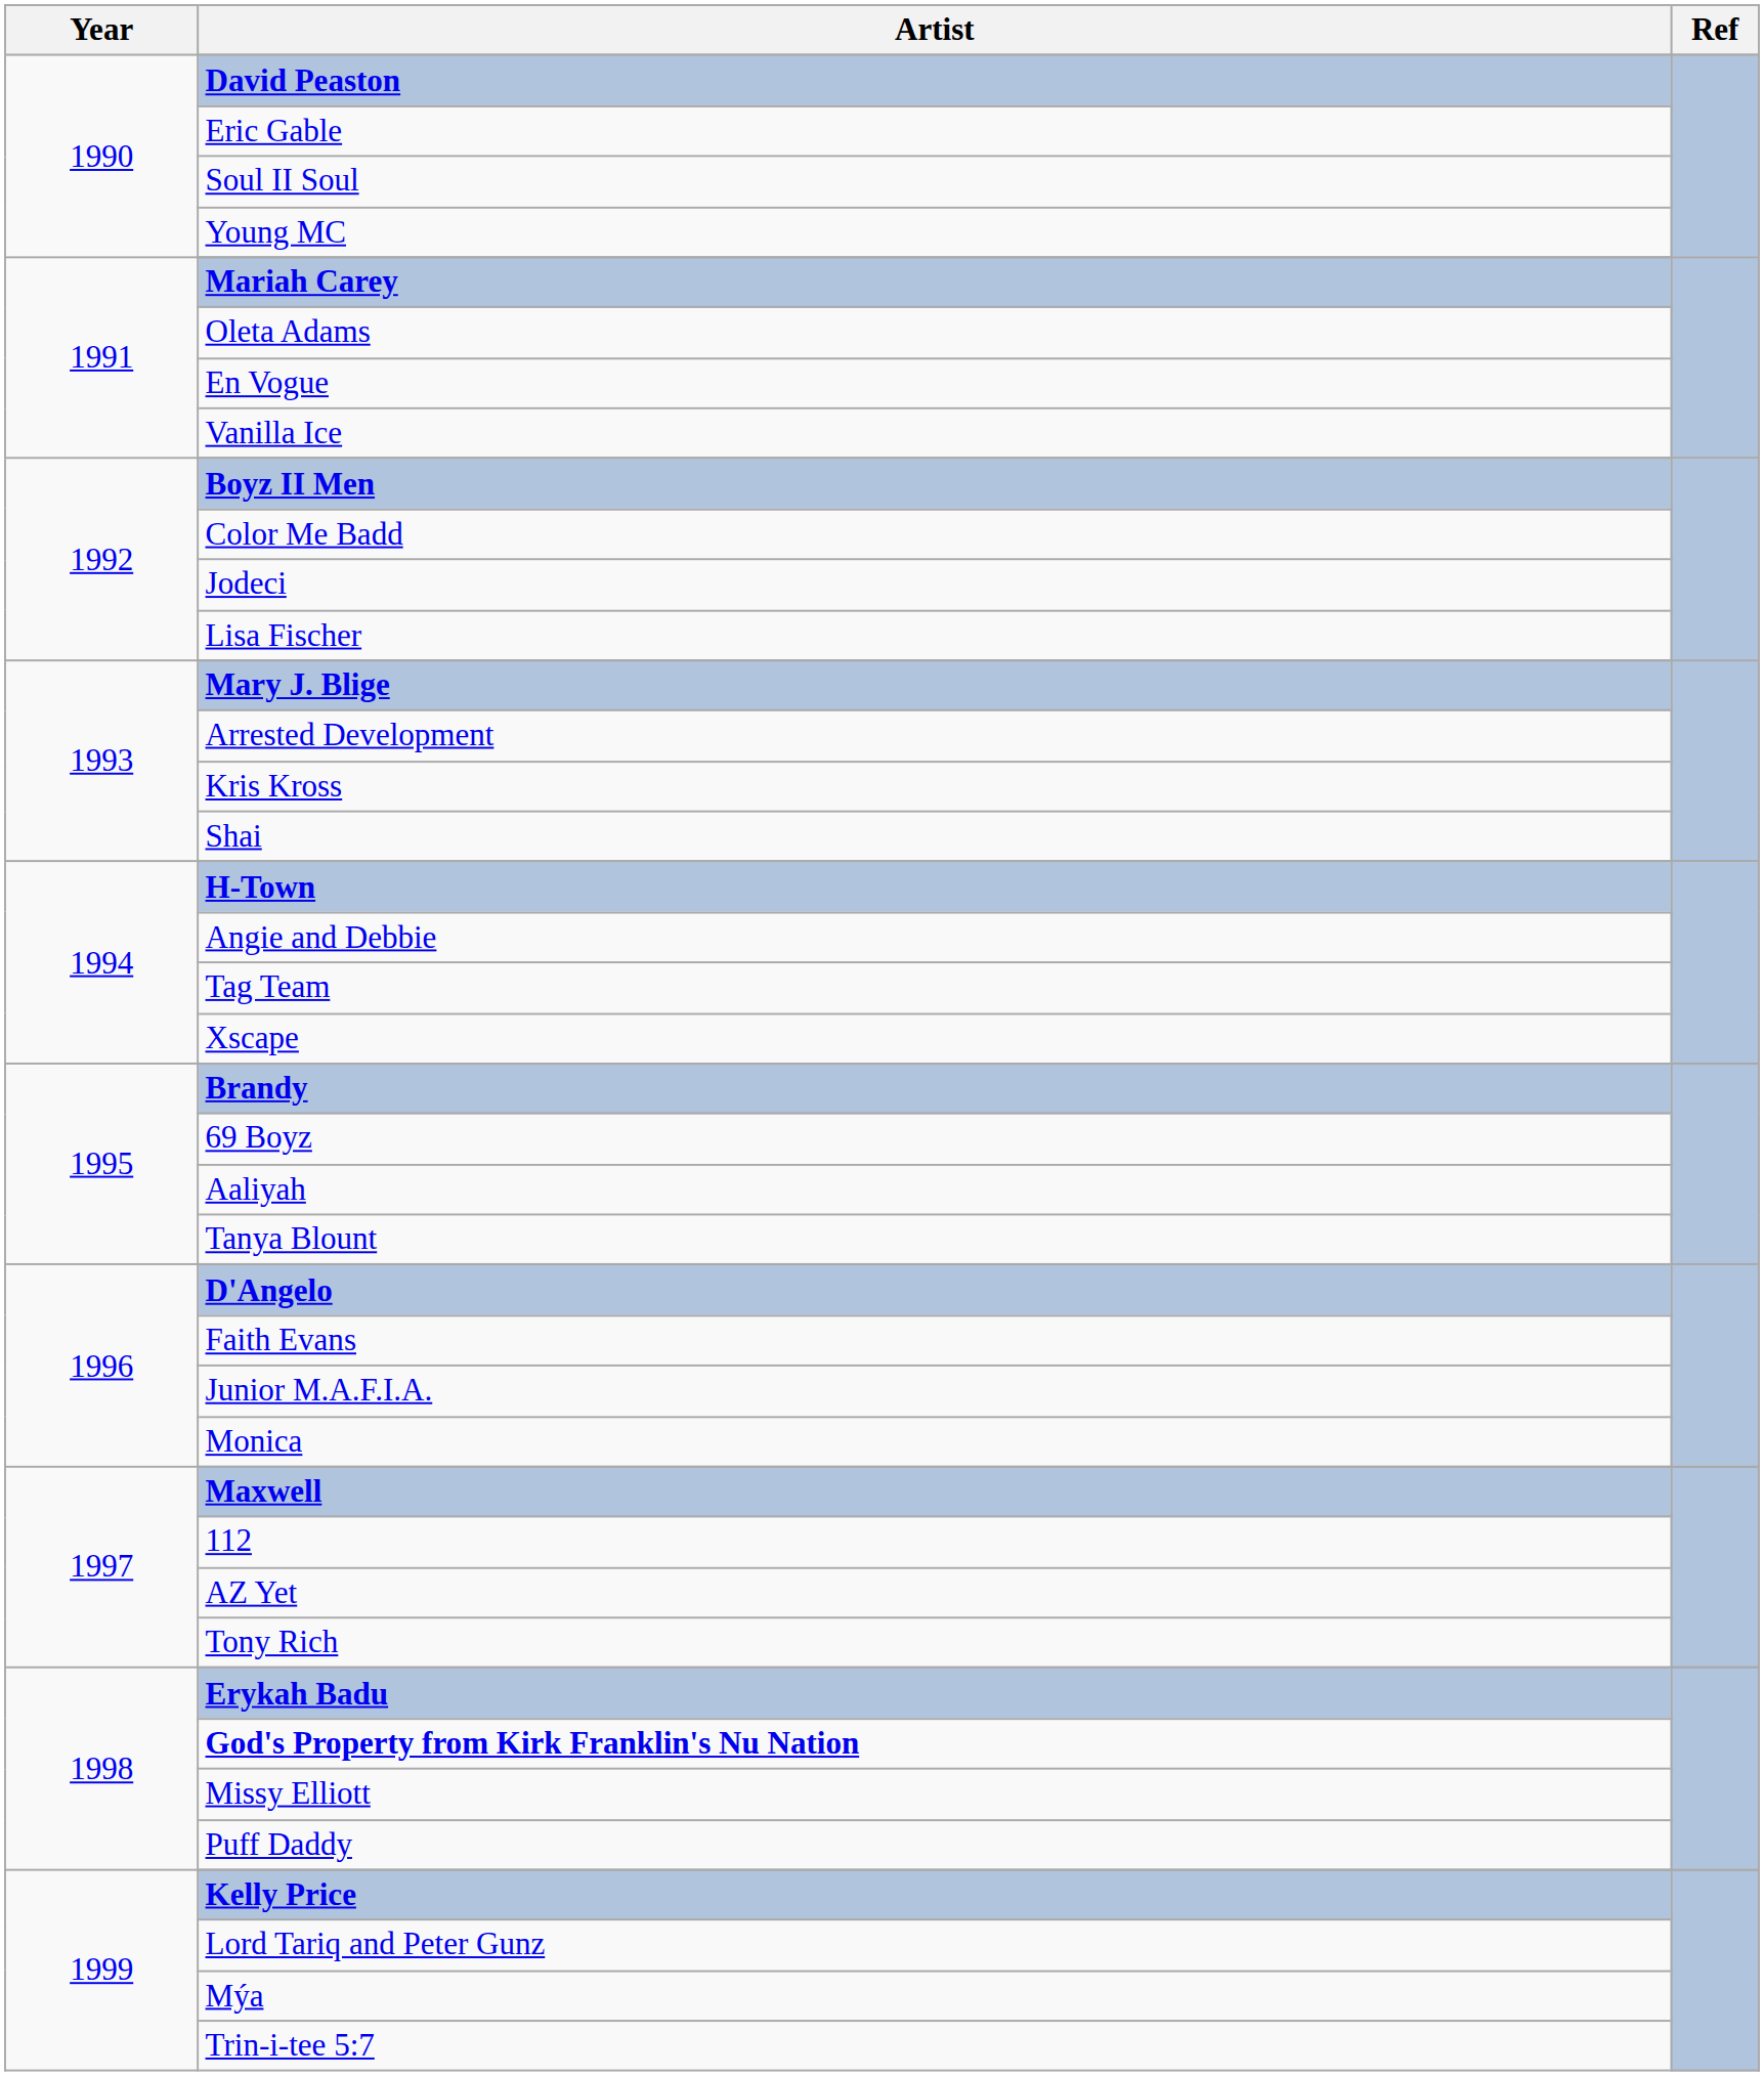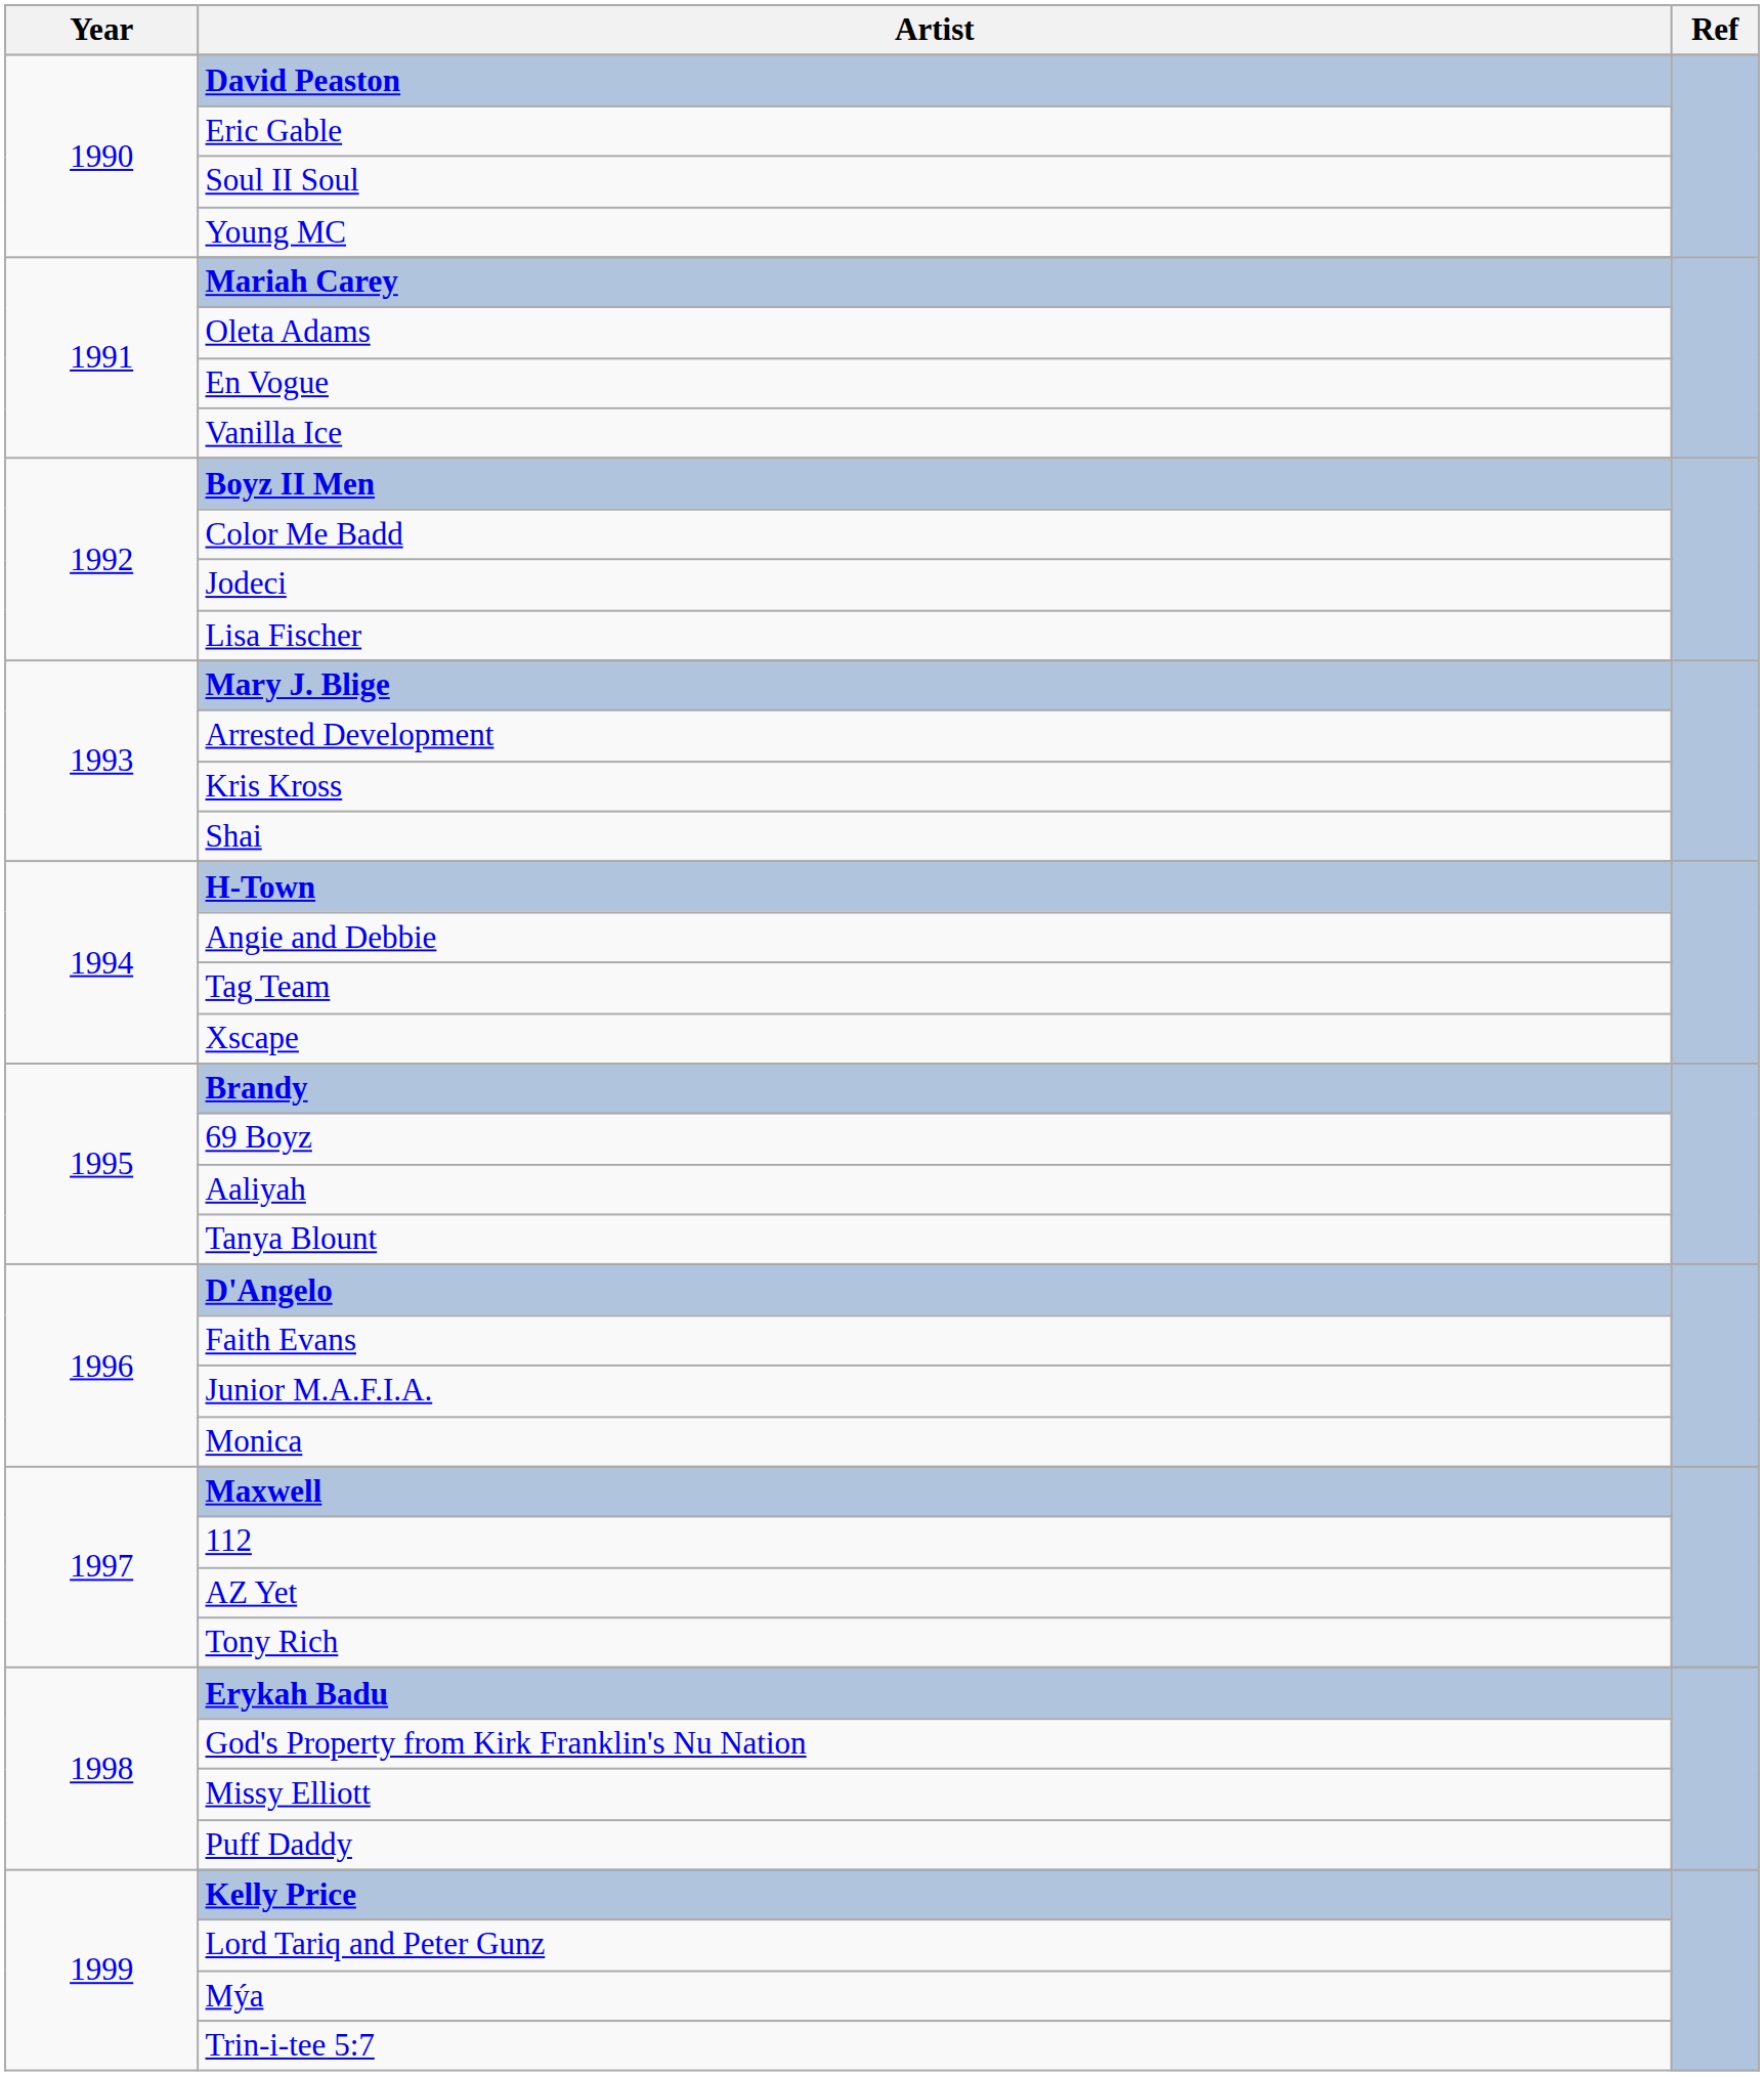 <table class="wikitable" style="width:100%;">
 <tr style="background:#bebebe;">
 <th style="width:11%;">Year</th>
 <th style="width:84%;">Artist</th>
 <th style="width:5%;">Ref</th>
 </tr>
 <tr>
 <td rowspan="5" align="center"><a href='#'>1990</a></td>
 </tr>
 <tr style="background:#B0C4DE">
 <td><strong><a href='#'>David Peaston</a></strong></td>
 <td rowspan="5" align="center"></td>
 </tr>
 <tr>
 <td><a href='#'>Eric Gable</a></td>
 </tr>
 <tr>
 <td><a href='#'>Soul II Soul</a></td>
 </tr>
 <tr>
 <td><a href='#'>Young MC</a></td>
 </tr>
 <tr>
 <td rowspan="5" align="center"><a href='#'>1991</a></td>
 </tr>
 <tr style="background:#B0C4DE">
 <td><strong><a href='#'>Mariah Carey</a></strong></td>
 <td rowspan="5" align="center"></td>
 </tr>
 <tr>
 <td><a href='#'>Oleta Adams</a></td>
 </tr>
 <tr>
 <td><a href='#'>En Vogue</a></td>
 </tr>
 <tr>
 <td><a href='#'>Vanilla Ice</a></td>
 </tr>
 <tr>
 <td rowspan="5" align="center"><a href='#'>1992</a></td>
 </tr>
 <tr style="background:#B0C4DE">
 <td><strong><a href='#'>Boyz II Men</a></strong></td>
 <td rowspan="5" align="center"></td>
 </tr>
 <tr>
 <td><a href='#'>Color Me Badd</a></td>
 </tr>
 <tr>
 <td><a href='#'>Jodeci</a></td>
 </tr>
 <tr>
 <td><a href='#'>Lisa Fischer</a></td>
 </tr>
 <tr>
 <td rowspan="5" align="center"><a href='#'>1993</a></td>
 </tr>
 <tr style="background:#B0C4DE">
 <td><strong><a href='#'>Mary J. Blige</a></strong></td>
 <td rowspan="5" align="center"></td>
 </tr>
 <tr>
 <td><a href='#'>Arrested Development</a></td>
 </tr>
 <tr>
 <td><a href='#'>Kris Kross</a></td>
 </tr>
 <tr>
 <td><a href='#'>Shai</a></td>
 </tr>
 <tr>
 <td rowspan="5" align="center"><a href='#'>1994</a></td>
 </tr>
 <tr style="background:#B0C4DE">
 <td><strong><a href='#'>H-Town</a></strong></td>
 <td rowspan="5" align="center"></td>
 </tr>
 <tr>
 <td><a href='#'>Angie and Debbie</a></td>
 </tr>
 <tr>
 <td><a href='#'>Tag Team</a></td>
 </tr>
 <tr>
 <td><a href='#'>Xscape</a></td>
 </tr>
 <tr>
 <td rowspan="5" align="center"><a href='#'>1995</a></td>
 </tr>
 <tr style="background:#B0C4DE">
 <td><strong><a href='#'>Brandy</a></strong></td>
 <td rowspan="5" align="center"></td>
 </tr>
 <tr>
 <td><a href='#'>69 Boyz</a></td>
 </tr>
 <tr>
 <td><a href='#'>Aaliyah</a></td>
 </tr>
 <tr>
 <td><a href='#'>Tanya Blount</a></td>
 </tr>
 <tr>
 <td rowspan="5" align="center"><a href='#'>1996</a></td>
 </tr>
 <tr style="background:#B0C4DE">
 <td><strong><a href='#'>D'Angelo</a></strong></td>
 <td rowspan="4" align="center"></td>
 </tr>
 <tr>
 <td><a href='#'>Faith Evans</a></td>
 </tr>
 <tr>
 <td><a href='#'>Junior M.A.F.I.A.</a></td>
 </tr>
 <tr>
 <td><a href='#'>Monica</a></td>
 </tr>
 <tr>
 <td rowspan="5" align="center"><a href='#'>1997</a></td>
 </tr>
 <tr style="background:#B0C4DE">
 <td><strong><a href='#'>Maxwell</a></strong></td>
 <td rowspan="4" align="center"></td>
 </tr>
 <tr>
 <td><a href='#'>112</a></td>
 </tr>
 <tr>
 <td><a href='#'>AZ Yet</a></td>
 </tr>
 <tr>
 <td><a href='#'>Tony Rich</a></td>
 </tr>
 <tr>
 <td rowspan="5" align="center"><a href='#'>1998</a></td>
 </tr>
 <tr style="background:#B0C4DE">
 <td><strong><a href='#'>Erykah Badu</a></strong></td>
 <td rowspan="4" align="center"></td>
 </tr>
 <tr>
-<td><strong><a href='#'>God's Property from Kirk Franklin's Nu Nation</a></strong></td>
+<td><a href='#'>God's Property from Kirk Franklin's Nu Nation</a></td>
 </tr>
 <tr>
 <td><a href='#'>Missy Elliott</a></td>
 </tr>
 <tr>
 <td><a href='#'>Puff Daddy</a></td>
 </tr>
 <tr>
 <td rowspan="5" align="center"><a href='#'>1999</a></td>
 </tr>
 <tr style="background:#B0C4DE">
 <td><strong><a href='#'>Kelly Price</a></strong></td>
 <td rowspan="4" align="center"></td>
 </tr>
 <tr>
 <td><a href='#'>Lord Tariq and Peter Gunz</a></td>
 </tr>
 <tr>
 <td><a href='#'>Mýa</a></td>
 </tr>
 <tr>
 <td><a href='#'>Trin-i-tee 5:7</a></td>
 </tr>
 </table>
